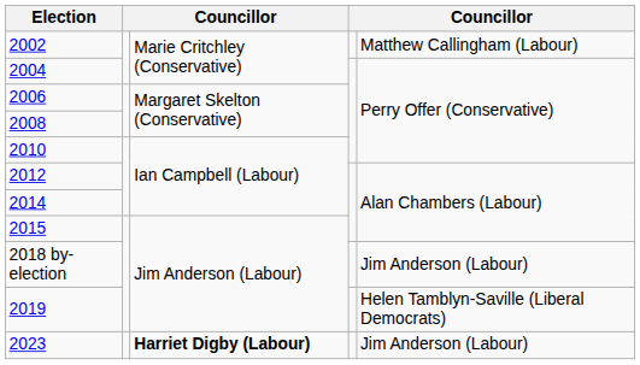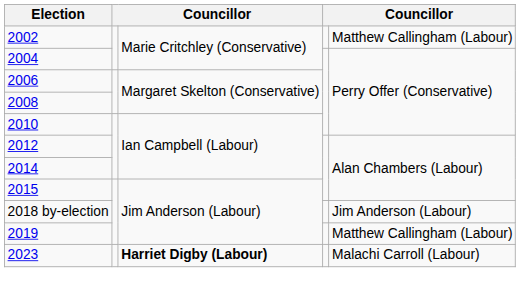 <table class="wikitable">
 <tr>
 <th>Election</th>
 <th colspan="2">Councillor</th>
 <th colspan="2">Councillor</th>
 </tr>
 <tr>
 <td><a href='#'>2002</a></td>
 <td rowspan="2" style="background-color: "></td>
 <td rowspan="2">Marie Critchley (Conservative)</td>
 <td style="background-color: "></td>
 <td>Matthew Callingham (Labour)</td>
 </tr>
 <tr>
 <td><a href='#'>2004</a></td>
 <td rowspan="4" style="background-color: "></td>
 <td rowspan="4">Perry Offer (Conservative)</td>
 </tr>
 <tr>
 <td><a href='#'>2006</a></td>
 <td rowspan="2" style="background-color: "></td>
 <td rowspan="2">Margaret Skelton (Conservative)</td>
 </tr>
 <tr>
 <td><a href='#'>2008</a></td>
 </tr>
 <tr>
 <td><a href='#'>2010</a></td>
 <td rowspan="3" style="background-color: "></td>
 <td rowspan="3">Ian Campbell (Labour)</td>
 </tr>
 <tr>
 <td><a href='#'>2012</a></td>
 <td rowspan="3" style="background-color: "></td>
 <td rowspan="3">Alan Chambers (Labour)</td>
 </tr>
 <tr>
 <td><a href='#'>2014</a></td>
 </tr>
 <tr>
 <td><a href='#'>2015</a></td>
 <td rowspan="3" style="background-color: "></td>
 <td rowspan="3">Jim Anderson (Labour)</td>
 </tr>
 <tr>
 <td>2018 by-election</td>
 <td style="background-color: "></td>
 <td>Jim Anderson (Labour)</td>
 </tr>
 <tr>
 <td><a href='#'>2019</a></td>
 <td style="background-color: "></td>
-<td>Helen Tamblyn-Saville (Liberal Democrats)</td>
+<td>Matthew Callingham (Labour)</td>
 </tr>
 <tr>
 <td><a href='#'>2023</a></td>
 <td style="background-color: "></td>
 <td><strong>Harriet Digby (Labour)</strong></td>
 <td style="background-color: "></td>
-<td>Jim Anderson (Labour)</td>
+<td>Malachi Carroll (Labour)</td>
 </tr>
 </table>
